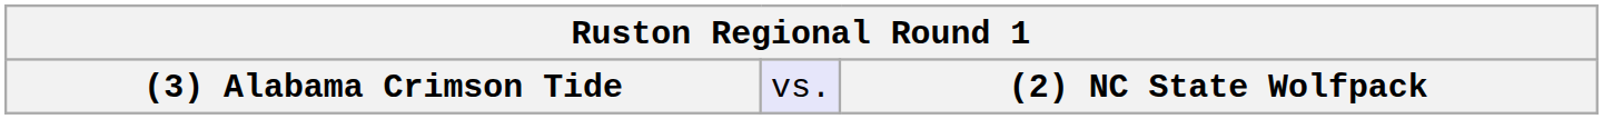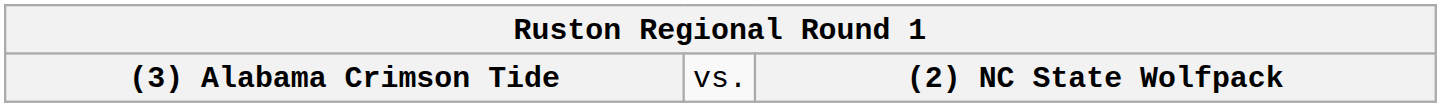 <table class="wikitable">
 <tr>
 <th style="width: 604px;" colspan=3>Ruston Regional Round 1</th>
 </tr>
 <tr>
 <th style="width: 289px; ">(3) Alabama Crimson Tide</th>
-<td style="background: lavender; width: 25px; text-align:center">vs.</td>
+<td style="width: 25px; text-align:center">vs.</td>
 <th style="width: 289px; ">(2) NC State Wolfpack</th>
 </tr>
 </table>
